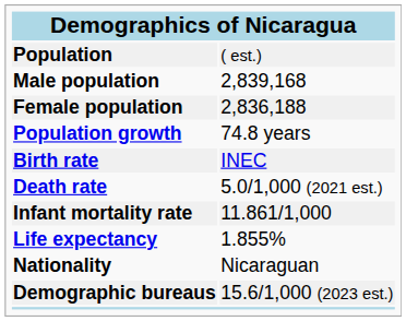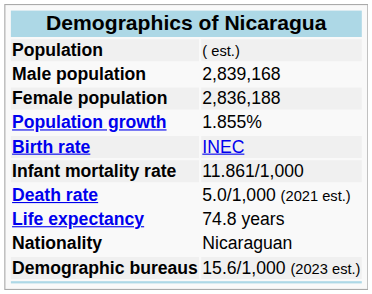 <table style="toc: 25em;  font-size: 100%; lucida grande, sans-serif;  text-align: left;" class="infobox">
 <tr>
 <th align="center" bgcolor="lightblue" colspan="2"><big>Demographics of Nicaragua</big></th>
 </tr>
 <tr>
 <th style="background:#f0f0f0;" align="left" valign="top">Population</th>
 <td style="background:#f0f0f0;" valign="top"> <small>( est.)</small></td>
 </tr>
 <tr>
 <th align="left" valign="top">Male population</th>
 <td valign="top">2,839,168</td>
 </tr>
 <tr>
 <th style="background:#f0f0f0;" align="left" valign="top">Female population</th>
 <td style="background:#f0f0f0;" valign="top">2,836,188</td>
 </tr>
 <tr>
 <th align="left" valign="top"><a href='#'>Population growth</a></th>
-<td valign="top">74.8 years</td>
+<td valign="top">1.855%</td>
 </tr>
 <tr>
 <th style="background:#f0f0f0;" align="left" valign="top"><a href='#'>Birth rate</a></th>
 <td style="background:#f0f0f0;" valign="top"><a href='#'>INEC</a></td>
 </tr>
 <tr>
+<th style="background:#f0f0f0;" align="left" valign="top">Infant mortality rate</th>
+<td style="background:#f0f0f0;" valign="top">11.861/1,000</td>
+</tr>
+<tr>
 <th align="left" valign="top"><a href='#'>Death rate</a></th>
 <td valign="top">5.0/1,000 <small>(2021 est.)</small></td>
 </tr>
 <tr>
-<th style="background:#f0f0f0;" align="left" valign="top">Infant mortality rate</th>
-<td style="background:#f0f0f0;" valign="top">11.861/1,000</td>
-</tr>
-<tr>
 <th align="left" valign="top"><a href='#'>Life expectancy</a></th>
-<td valign="top">1.855%</td>
+<td valign="top">74.8 years</td>
 </tr>
 <tr>
 <th align="left" valign="top">Nationality</th>
 <td valign="top">Nicaraguan</td>
 </tr>
 <tr>
 <th style="background:#f0f0f0;" align="left" valign="top">Demographic bureaus</th>
 <td style="background:#f0f0f0;" valign="top">15.6/1,000 <small>(2023 est.)</small></td>
 </tr>
 <tr>
 <td align="center" bgcolor="lightblue" colspan="2"></td>
 </tr>
 </table>
